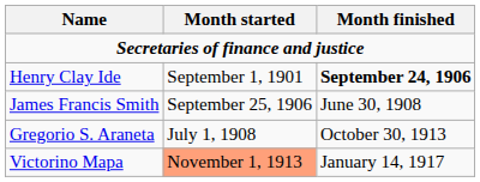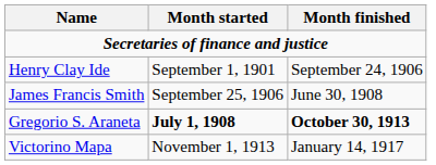 <table class=wikitable>
 <tr>
 <th>Name</th>
 <th>Month started</th>
 <th>Month finished</th>
 </tr>
 <tr>
 <td colspan=4 align=center><strong><em>Secretaries of finance and justice</em></strong></td>
 </tr>
 <tr>
 <td><a href='#'>Henry Clay Ide</a></td>
 <td>September 1, 1901</td>
-<td><strong>September 24, 1906</strong></td>
+<td>September 24, 1906</td>
 </tr>
 <tr>
 <td><a href='#'>James Francis Smith</a></td>
 <td>September 25, 1906</td>
 <td>June 30, 1908</td>
 </tr>
 <tr>
 <td><a href='#'>Gregorio S. Araneta</a></td>
-<td>July 1, 1908</td>
-<td>October 30, 1913</td>
+<td><strong>July 1, 1908</strong></td>
+<td><strong>October 30, 1913</strong></td>
 </tr>
 <tr>
 <td><a href='#'>Victorino Mapa</a></td>
-<td style="background: lightsalmon;">November 1, 1913</td>
+<td>November 1, 1913</td>
 <td>January 14, 1917</td>
 </tr>
 </table>
